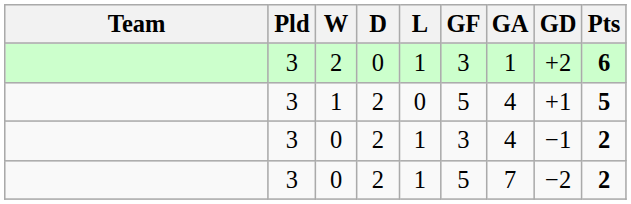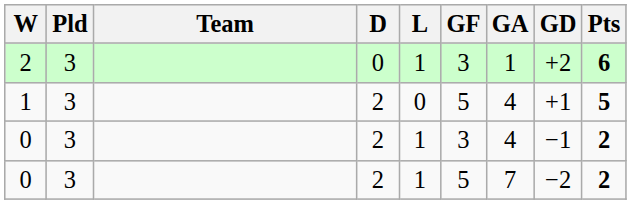 <table class="wikitable" style="text-align: center;">
 <tr>
+<th width=20>W</th>
+<th width=20>Pld</th>
 <th width=165>Team</th>
-<th width=20>Pld</th>
-<th width=20>W</th>
 <th width=20>D</th>
 <th width=20>L</th>
 <th width=20>GF</th>
 <th width=20>GA</th>
 <th width=20>GD</th>
 <th width=20>Pts</th>
 </tr>
 <tr bgcolor="#ccffcc">
+<td>2</td>
+<td>3</td>
 <td style="text-align:left;"></td>
-<td>3</td>
-<td>2</td>
 <td>0</td>
 <td>1</td>
 <td>3</td>
 <td>1</td>
 <td>+2</td>
 <td><strong>6</strong></td>
 </tr>
 <tr>
+<td>1</td>
+<td>3</td>
 <td style="text-align:left;"></td>
-<td>3</td>
-<td>1</td>
 <td>2</td>
 <td>0</td>
 <td>5</td>
 <td>4</td>
 <td>+1</td>
 <td><strong>5</strong></td>
 </tr>
 <tr>
+<td>0</td>
+<td>3</td>
 <td style="text-align:left;"></td>
-<td>3</td>
-<td>0</td>
 <td>2</td>
 <td>1</td>
 <td>3</td>
 <td>4</td>
 <td>−1</td>
 <td><strong>2</strong></td>
 </tr>
 <tr>
+<td>0</td>
+<td>3</td>
 <td style="text-align:left;"></td>
-<td>3</td>
-<td>0</td>
 <td>2</td>
 <td>1</td>
 <td>5</td>
 <td>7</td>
 <td>−2</td>
 <td><strong>2</strong></td>
 </tr>
 </table>
